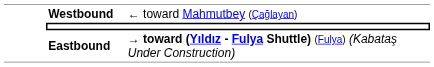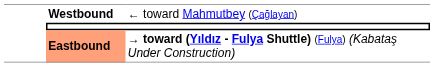 <table table border=0 cellspacing=0 cellpadding=3>
 <tr>
 <td style="border-top:solid 1px gray;border-bottom:solid 1px gray;" width=50 rowspan=3 valign=top></td>
 <td style="border-top:solid 1px gray;" width=100><strong>Westbound</strong></td>
 <td style="border-top:solid 1px gray;" width=400>←  toward <a href='#'>Mahmutbey</a> <small>(<a href='#'>Çağlayan</a>)</small></td>
 </tr>
 <tr>
 <td style="border-top:solid 2px black;border-right:solid 2px black;border-left:solid 2px black;border-bottom:solid 2px black;text-align:center;" colspan=2></td>
 </tr>
 <tr>
-<td style="border-bottom:solid 1px gray;"><strong>Eastbound</strong></td>
+<td style="background: lightsalmon; border-bottom:solid 1px gray;"><strong>Eastbound</strong></td>
 <td style="border-bottom:solid 1px gray;">→  <strong>toward (<a href='#'>Yıldız</a> - <a href='#'>Fulya</a> Shuttle)</strong> <small>(<a href='#'>Fulya</a>)</small> <em>(Kabataş Under Construction)</em></td>
 </tr>
 </table>
